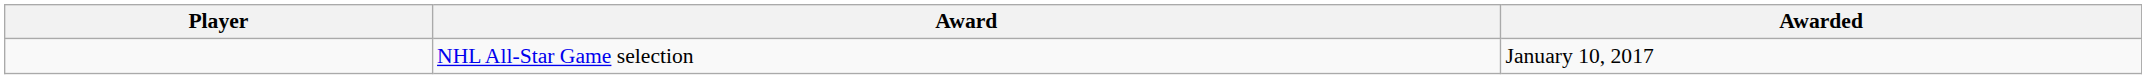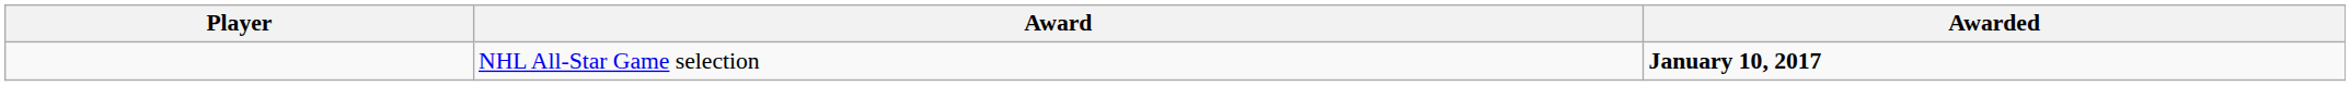 <table class="wikitable sortable" style="width:100%;">
 <tr>
 <th style="width:20%;">Player</th>
 <th style="width:50%;">Award</th>
 <th style="width:30%;" data-sort-type="date">Awarded</th>
 </tr>
 <tr>
 <td></td>
 <td><a href='#'>NHL All-Star Game</a> selection</td>
-<td>January 10, 2017</td>
+<td><strong>January 10, 2017</strong></td>
 </tr>
 </table>
